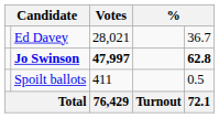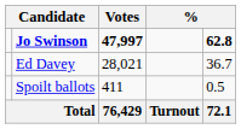 <table class="wikitable plainrowheaders">
 <tr>
 <th colspan="2">Candidate</th>
 <th>Votes</th>
 <th colspan="2">%</th>
 </tr>
 <tr>
 <td style="background:"></td>
+<td> <strong><a href='#'>Jo Swinson</a></strong></td>
+<td><strong>47,997</strong></td>
+<td></td>
+<td><strong>62.8</strong></td>
+</tr>
+<tr>
+<td style="background:"></td>
 <td><a href='#'>Ed Davey</a></td>
 <td>28,021</td>
 <td></td>
 <td>36.7</td>
-</tr>
-<tr>
-<td style="background:"></td>
-<td> <strong><a href='#'>Jo Swinson</a></strong></td>
-<td><strong>47,997</strong></td>
-<td></td>
-<td><strong>62.8</strong></td>
 </tr>
 <tr>
 <td style="background:"></td>
 <td><a href='#'>Spoilt ballots</a></td>
 <td>411</td>
 <td></td>
 <td>0.5</td>
 </tr>
 <tr>
 <th style="font-size:95%; text-align:right;" colspan="2">Total</th>
 <th style="font-size:95%;">76,429</th>
 <th style="font-size:95%; text-align:right;">Turnout</th>
 <th style="font-size:95%;">72.1</th>
 </tr>
 </table>
